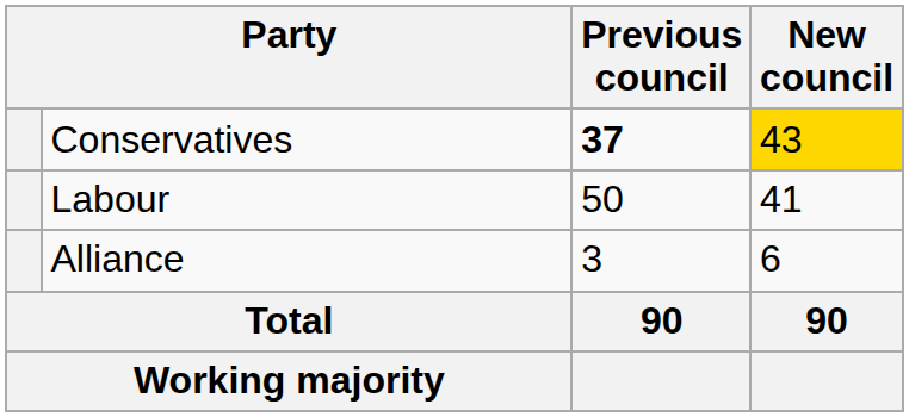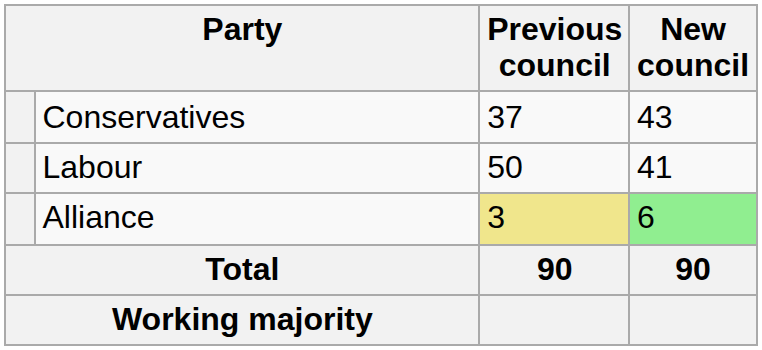 <table class="wikitable">
 <tr>
 <th valign=top colspan="2" style="width: 230px">Party</th>
 <th valign=top style="width: 30px">Previous council</th>
 <th valign=top style="width: 30px">New council</th>
 </tr>
 <tr>
 <th style="background-color: "></th>
 <td>Conservatives</td>
-<td><strong>37</strong></td>
-<td style="background: gold;">43</td>
+<td>37</td>
+<td>43</td>
 </tr>
 <tr>
 <th style="background-color: "></th>
 <td>Labour</td>
 <td>50</td>
 <td>41</td>
 </tr>
 <tr>
 <th style="background-color: "></th>
 <td>Alliance</td>
-<td>3</td>
-<td>6</td>
+<td style="background: khaki;">3</td>
+<td style="background: lightgreen;">6</td>
 </tr>
 <tr>
 <th colspan=2>Total</th>
 <th style="text-align: center">90</th>
 <th colspan=3>90</th>
 </tr>
 <tr>
 <th colspan=2>Working majority</th>
 <th></th>
 <th></th>
 </tr>
 </table>
